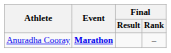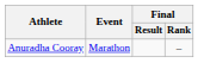 <table class="wikitable" style="font-size:90%">
 <tr>
 <th rowspan="2">Athlete</th>
 <th rowspan="2">Event</th>
 <th colspan="2">Final</th>
 </tr>
 <tr style="font-size:95%">
 <th>Result</th>
 <th>Rank</th>
 </tr>
 <tr style=text-align:center>
 <td style=text-align:left><a href='#'>Anuradha Cooray</a></td>
-<td style=text-align:left><strong><a href='#'>Marathon</a></strong></td>
+<td style=text-align:left><a href='#'>Marathon</a></td>
 <td></td>
 <td>–</td>
 </tr>
 </table>
